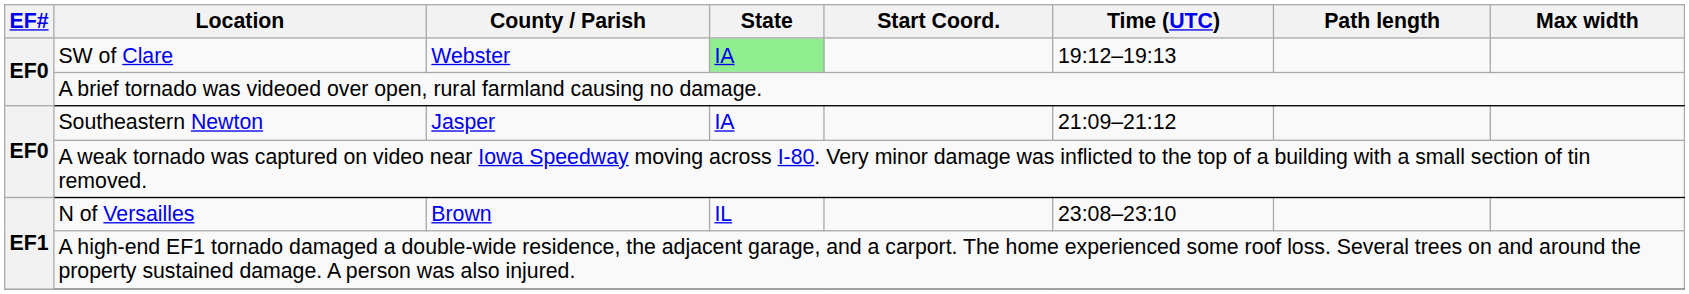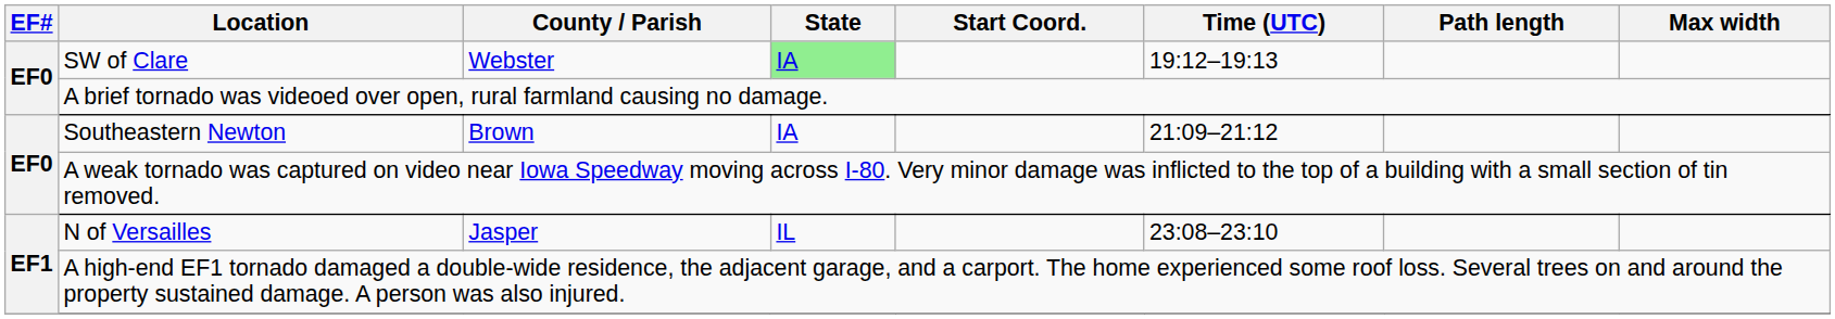 <table class="wikitable sortable" style="width:100%;">
 <tr>
 <th scope="col" width="2%" align="center"><a href='#'>EF#</a></th>
 <th scope="col" align="center" class="unsortable">Location</th>
 <th scope="col" align="center" class="unsortable">County / Parish</th>
 <th scope="col" align="center">State</th>
 <th scope="col" align="center">Start Coord.</th>
 <th scope="col" align="center">Time (<a href='#'>UTC</a>)</th>
 <th scope="col" align="center">Path length</th>
 <th scope="col" align="center">Max width</th>
 </tr>
 <tr>
 <th scope="row" rowspan="2" style="background-color:#">EF0</th>
 <td>SW of <a href='#'>Clare</a></td>
 <td><a href='#'>Webster</a></td>
 <td style="background: lightgreen;"><a href='#'>IA</a></td>
 <td></td>
 <td>19:12–19:13</td>
 <td></td>
 <td></td>
 </tr>
 <tr class="expand-child">
 <td colspan="8" style=" border-bottom: 1px solid black;">A brief tornado was videoed over open, rural farmland causing no damage.</td>
 </tr>
 <tr>
 <th scope="row" rowspan="2" style="background-color:#">EF0</th>
 <td>Southeastern <a href='#'>Newton</a></td>
-<td><a href='#'>Jasper</a></td>
+<td><a href='#'>Brown</a></td>
 <td><a href='#'>IA</a></td>
 <td></td>
 <td>21:09–21:12</td>
 <td></td>
 <td></td>
 </tr>
 <tr class="expand-child">
 <td colspan="8" style=" border-bottom: 1px solid black;">A weak tornado was captured on video near <a href='#'>Iowa Speedway</a> moving across <a href='#'>I-80</a>. Very minor damage was inflicted to the top of a building with a small section of tin removed.</td>
 </tr>
 <tr>
 <th scope="row" rowspan="2" style="background-color:#">EF1</th>
 <td>N of <a href='#'>Versailles</a></td>
-<td><a href='#'>Brown</a></td>
+<td><a href='#'>Jasper</a></td>
 <td><a href='#'>IL</a></td>
 <td></td>
 <td>23:08–23:10</td>
 <td></td>
 <td></td>
 </tr>
 <tr class="expand-child">
 <td colspan="8" style=" border-bottom: 1px solid black;">A high-end EF1 tornado damaged a double-wide residence, the adjacent garage, and a carport. The home experienced some roof loss. Several trees on and around the property sustained damage. A person was also injured.</td>
 </tr>
 <tr>
 </tr>
 </table>
